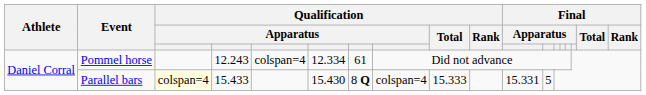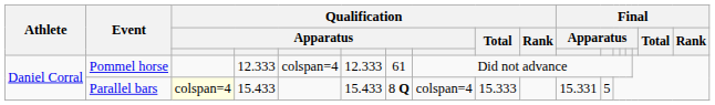 <table class="wikitable" style="font-size:90%">
 <tr>
 <th rowspan=3>Athlete</th>
 <th rowspan=3>Event</th>
 <th colspan =8>Qualification</th>
 <th colspan =8>Final</th>
 </tr>
 <tr style="font-size:95%">
 <th colspan=6>Apparatus</th>
 <th rowspan=2>Total</th>
 <th rowspan=2>Rank</th>
 <th colspan=6>Apparatus</th>
 <th rowspan=2>Total</th>
 <th rowspan=2>Rank</th>
 </tr>
 <tr style="font-size:95%">
 <th></th>
 <th></th>
 <th></th>
 <th></th>
 <th></th>
 <th></th>
 <th></th>
 <th></th>
 <th></th>
 <th></th>
 <th></th>
 <th></th>
 </tr>
 <tr align=center>
 <td align=left rowspan=2><a href='#'>Daniel Corral</a></td>
 <td align=left><a href='#'>Pommel horse</a></td>
 <td></td>
-<td>12.243</td>
+<td>12.333</td>
 <td>colspan=4 </td>
-<td>12.334</td>
+<td>12.333</td>
 <td>61</td>
 <td colspan=8>Did not advance</td>
 </tr>
 <tr align=center>
 <td align=left><a href='#'>Parallel bars</a></td>
 <td style="background: lightyellow;">colspan=4 </td>
 <td>15.433</td>
 <td></td>
-<td>15.430</td>
+<td>15.433</td>
 <td>8 <strong>Q</strong></td>
 <td>colspan=4 </td>
 <td>15.333</td>
 <td></td>
 <td>15.331</td>
 <td>5</td>
 </tr>
 </table>
